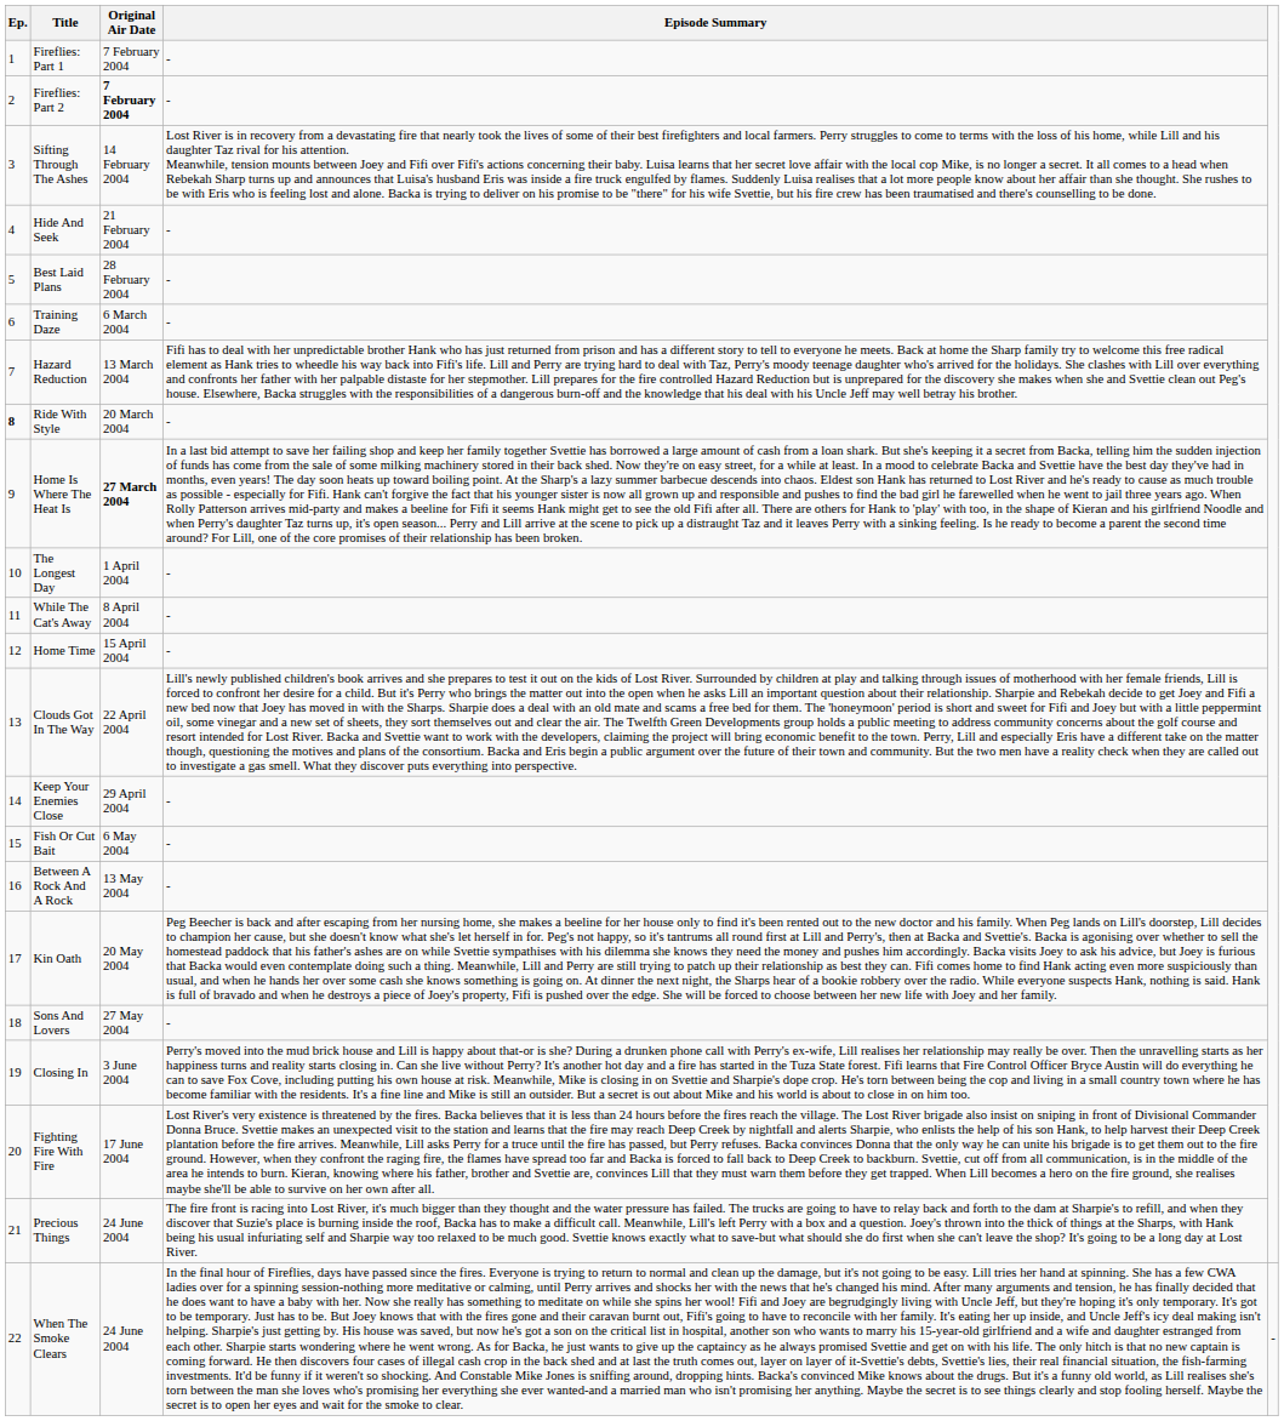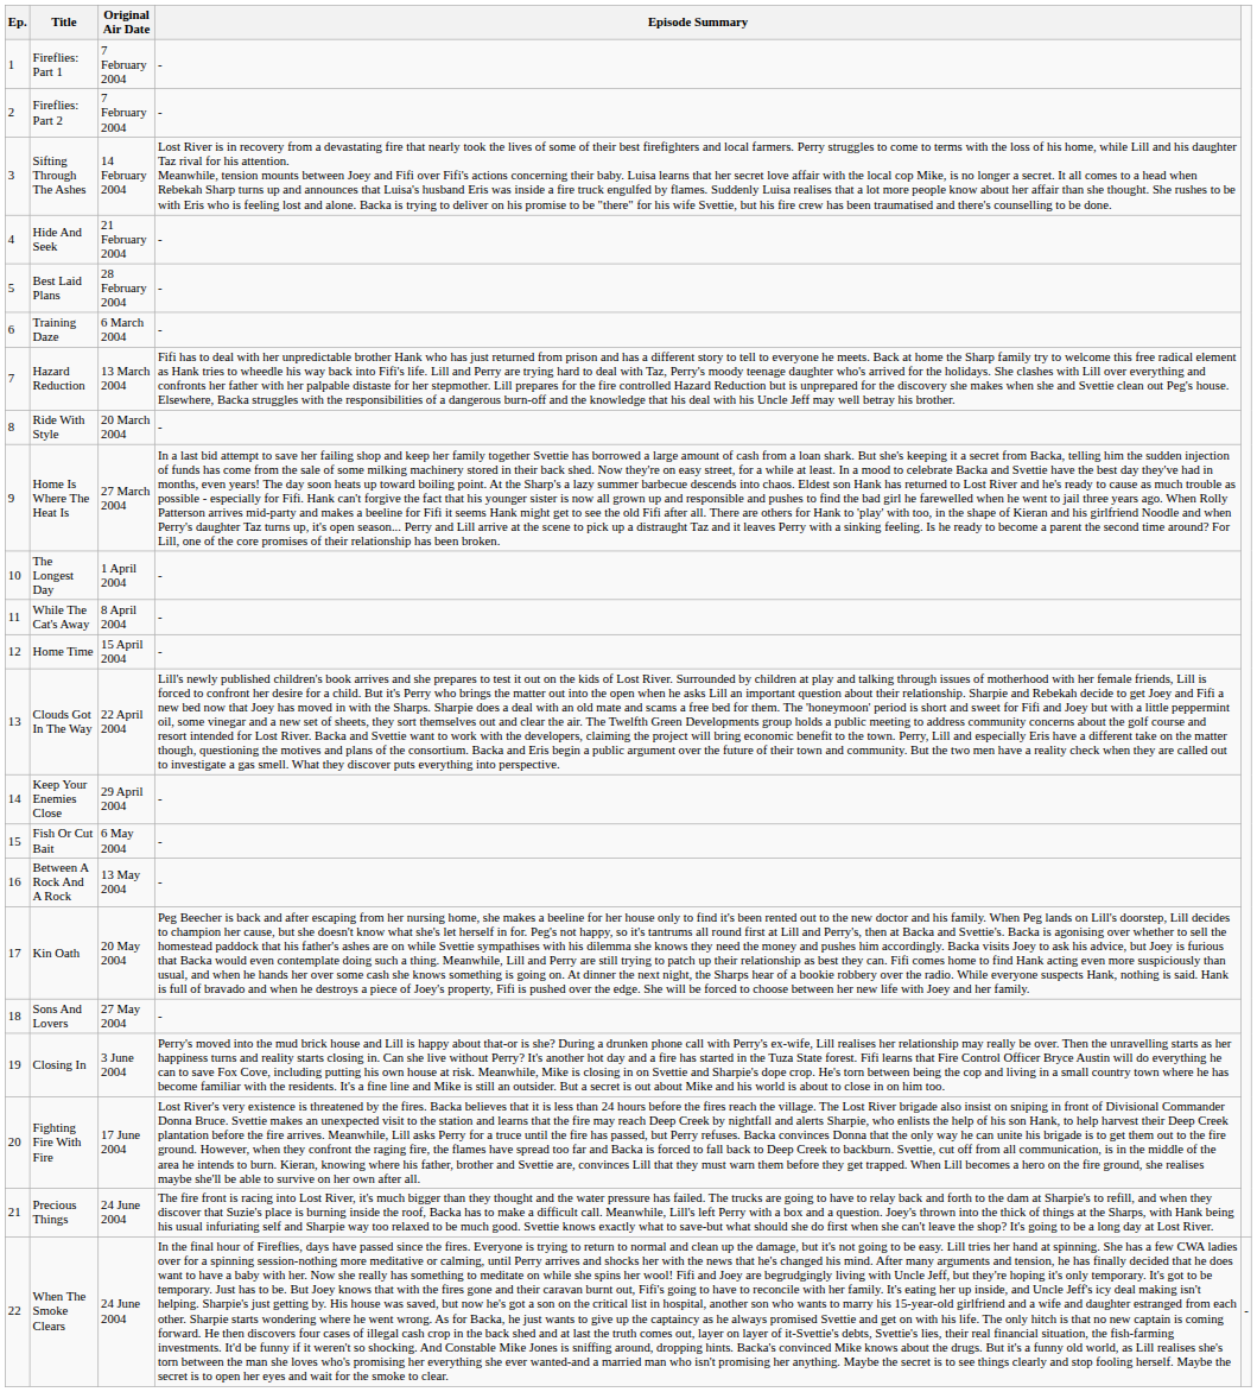 <table class="wikitable" border="1">
 <tr>
 <th>Ep.</th>
 <th>Title</th>
 <th>Original Air Date</th>
 <th>Episode Summary</th>
 </tr>
 <tr>
 <td>1</td>
 <td>Fireflies: Part 1</td>
 <td>7 February 2004</td>
 <td>-</td>
 </tr>
 <tr>
 <td>2</td>
 <td>Fireflies: Part 2</td>
-<td><strong>7 February 2004</strong></td>
+<td>7 February 2004</td>
 <td>-</td>
 </tr>
 <tr>
 <td>3</td>
 <td>Sifting Through The Ashes</td>
 <td>14 February 2004</td>
 <td>Lost River is in recovery from a devastating fire that nearly took the lives of some of their best firefighters and local farmers. Perry struggles to come to terms with the loss of his home, while Lill and his daughter Taz rival for his attention.<br>Meanwhile, tension mounts between Joey and Fifi over Fifi's actions concerning their baby. Luisa learns that her secret love affair with the local cop Mike, is no longer a secret. It all comes to a head when Rebekah Sharp turns up and announces that Luisa's husband Eris was inside a fire truck engulfed by flames. Suddenly Luisa realises that a lot more people know about her affair than she thought. She rushes to be with Eris who is feeling lost and alone. Backa is trying to deliver on his promise to be "there" for his wife Svettie, but his fire crew has been traumatised and there's counselling to be done.</td>
 </tr>
 <tr>
 <td>4</td>
 <td>Hide And Seek</td>
 <td>21 February 2004</td>
 <td>-</td>
 </tr>
 <tr>
 <td>5</td>
 <td>Best Laid Plans</td>
 <td>28 February 2004</td>
 <td>-</td>
 </tr>
 <tr>
 <td>6</td>
 <td>Training Daze</td>
 <td>6 March 2004</td>
 <td>-</td>
 </tr>
 <tr>
 <td>7</td>
 <td>Hazard Reduction</td>
 <td>13 March 2004</td>
 <td>Fifi has to deal with her unpredictable brother Hank who has just returned from prison and has a different story to tell to everyone he meets. Back at home the Sharp family try to welcome this free radical element as Hank tries to wheedle his way back into Fifi's life. Lill and Perry are trying hard to deal with Taz, Perry's moody teenage daughter who's arrived for the holidays. She clashes with Lill over everything and confronts her father with her palpable distaste for her stepmother. Lill prepares for the fire controlled Hazard Reduction but is unprepared for the discovery she makes when she and Svettie clean out Peg's house. Elsewhere, Backa struggles with the responsibilities of a dangerous burn-off and the knowledge that his deal with his Uncle Jeff may well betray his brother.</td>
 </tr>
 <tr>
-<td><strong>8</strong></td>
+<td>8</td>
 <td>Ride With Style</td>
 <td>20 March 2004</td>
 <td>-</td>
 </tr>
 <tr>
 <td>9</td>
 <td>Home Is Where The Heat Is</td>
-<td><strong>27 March 2004</strong></td>
+<td>27 March 2004</td>
 <td>In a last bid attempt to save her failing shop and keep her family together Svettie has borrowed a large amount of cash from a loan shark. But she's keeping it a secret from Backa, telling him the sudden injection of funds has come from the sale of some milking machinery stored in their back shed. Now they're on easy street, for a while at least. In a mood to celebrate Backa and Svettie have the best day they've had in months, even years! The day soon heats up toward boiling point. At the Sharp's a lazy summer barbecue descends into chaos. Eldest son Hank has returned to Lost River and he's ready to cause as much trouble as possible - especially for Fifi. Hank can't forgive the fact that his younger sister is now all grown up and responsible and pushes to find the bad girl he farewelled when he went to jail three years ago. When Rolly Patterson arrives mid-party and makes a beeline for Fifi it seems Hank might get to see the old Fifi after all. There are others for Hank to 'play' with too, in the shape of Kieran and his girlfriend Noodle and when Perry's daughter Taz turns up, it's open season... Perry and Lill arrive at the scene to pick up a distraught Taz and it leaves Perry with a sinking feeling. Is he ready to become a parent the second time around? For Lill, one of the core promises of their relationship has been broken.</td>
 </tr>
 <tr>
 <td>10</td>
 <td>The Longest Day</td>
 <td>1 April 2004</td>
 <td>-</td>
 </tr>
 <tr>
 <td>11</td>
 <td>While The Cat's Away</td>
 <td>8 April 2004</td>
 <td>-</td>
 </tr>
 <tr>
 <td>12</td>
 <td>Home Time</td>
 <td>15 April 2004</td>
 <td>-</td>
 </tr>
 <tr>
 <td>13</td>
 <td>Clouds Got In The Way</td>
 <td>22 April 2004</td>
 <td>Lill's newly published children's book arrives and she prepares to test it out on the kids of Lost River. Surrounded by children at play and talking through issues of motherhood with her female friends, Lill is forced to confront her desire for a child. But it's Perry who brings the matter out into the open when he asks Lill an important question about their relationship. Sharpie and Rebekah decide to get Joey and Fifi a new bed now that Joey has moved in with the Sharps. Sharpie does a deal with an old mate and scams a free bed for them. The 'honeymoon' period is short and sweet for Fifi and Joey but with a little peppermint oil, some vinegar and a new set of sheets, they sort themselves out and clear the air. The Twelfth Green Developments group holds a public meeting to address community concerns about the golf course and resort intended for Lost River. Backa and Svettie want to work with the developers, claiming the project will bring economic benefit to the town. Perry, Lill and especially Eris have a different take on the matter though, questioning the motives and plans of the consortium. Backa and Eris begin a public argument over the future of their town and community. But the two men have a reality check when they are called out to investigate a gas smell. What they discover puts everything into perspective.</td>
 </tr>
 <tr>
 <td>14</td>
 <td>Keep Your Enemies Close</td>
 <td>29 April 2004</td>
 <td>-</td>
 </tr>
 <tr>
 <td>15</td>
 <td>Fish Or Cut Bait</td>
 <td>6 May 2004</td>
 <td>-</td>
 </tr>
 <tr>
 <td>16</td>
 <td>Between A Rock And A Rock</td>
 <td>13 May 2004</td>
 <td>-</td>
 </tr>
 <tr>
 <td>17</td>
 <td>Kin Oath</td>
 <td>20 May 2004</td>
 <td>Peg Beecher is back and after escaping from her nursing home, she makes a beeline for her house only to find it's been rented out to the new doctor and his family. When Peg lands on Lill's doorstep, Lill decides to champion her cause, but she doesn't know what she's let herself in for. Peg's not happy, so it's tantrums all round first at Lill and Perry's, then at Backa and Svettie's. Backa is agonising over whether to sell the homestead paddock that his father's ashes are on while Svettie sympathises with his dilemma she knows they need the money and pushes him accordingly. Backa visits Joey to ask his advice, but Joey is furious that Backa would even contemplate doing such a thing. Meanwhile, Lill and Perry are still trying to patch up their relationship as best they can. Fifi comes home to find Hank acting even more suspiciously than usual, and when he hands her over some cash she knows something is going on. At dinner the next night, the Sharps hear of a bookie robbery over the radio. While everyone suspects Hank, nothing is said. Hank is full of bravado and when he destroys a piece of Joey's property, Fifi is pushed over the edge. She will be forced to choose between her new life with Joey and her family.</td>
 </tr>
 <tr>
 <td>18</td>
 <td>Sons And Lovers</td>
 <td>27 May 2004</td>
 <td>-</td>
 </tr>
 <tr>
 <td>19</td>
 <td>Closing In</td>
 <td>3 June 2004</td>
 <td>Perry's moved into the mud brick house and Lill is happy about that-or is she? During a drunken phone call with Perry's ex-wife, Lill realises her relationship may really be over. Then the unravelling starts as her happiness turns and reality starts closing in. Can she live without Perry? It's another hot day and a fire has started in the Tuza State forest. Fifi learns that Fire Control Officer Bryce Austin will do everything he can to save Fox Cove, including putting his own house at risk. Meanwhile, Mike is closing in on Svettie and Sharpie's dope crop. He's torn between being the cop and living in a small country town where he has become familiar with the residents. It's a fine line and Mike is still an outsider. But a secret is out about Mike and his world is about to close in on him too.</td>
 </tr>
 <tr>
 <td>20</td>
 <td>Fighting Fire With Fire</td>
 <td>17 June 2004</td>
 <td>Lost River's very existence is threatened by the fires. Backa believes that it is less than 24 hours before the fires reach the village. The Lost River brigade also insist on sniping in front of Divisional Commander Donna Bruce. Svettie makes an unexpected visit to the station and learns that the fire may reach Deep Creek by nightfall and alerts Sharpie, who enlists the help of his son Hank, to help harvest their Deep Creek plantation before the fire arrives. Meanwhile, Lill asks Perry for a truce until the fire has passed, but Perry refuses. Backa convinces Donna that the only way he can unite his brigade is to get them out to the fire ground. However, when they confront the raging fire, the flames have spread too far and Backa is forced to fall back to Deep Creek to backburn. Svettie, cut off from all communication, is in the middle of the area he intends to burn. Kieran, knowing where his father, brother and Svettie are, convinces Lill that they must warn them before they get trapped. When Lill becomes a hero on the fire ground, she realises maybe she'll be able to survive on her own after all.</td>
 </tr>
 <tr>
 <td>21</td>
 <td>Precious Things</td>
 <td>24 June 2004</td>
 <td>The fire front is racing into Lost River, it's much bigger than they thought and the water pressure has failed. The trucks are going to have to relay back and forth to the dam at Sharpie's to refill, and when they discover that Suzie's place is burning inside the roof, Backa has to make a difficult call. Meanwhile, Lill's left Perry with a box and a question. Joey's thrown into the thick of things at the Sharps, with Hank being his usual infuriating self and Sharpie way too relaxed to be much good. Svettie knows exactly what to save-but what should she do first when she can't leave the shop? It's going to be a long day at Lost River.</td>
 </tr>
 <tr>
 <td>22</td>
 <td>When The Smoke Clears</td>
 <td>24 June 2004</td>
 <td>In the final hour of Fireflies, days have passed since the fires. Everyone is trying to return to normal and clean up the damage, but it's not going to be easy. Lill tries her hand at spinning. She has a few CWA ladies over for a spinning session-nothing more meditative or calming, until Perry arrives and shocks her with the news that he's changed his mind. After many arguments and tension, he has finally decided that he does want to have a baby with her. Now she really has something to meditate on while she spins her wool! Fifi and Joey are begrudgingly living with Uncle Jeff, but they're hoping it's only temporary. It's got to be temporary. Just has to be. But Joey knows that with the fires gone and their caravan burnt out, Fifi's going to have to reconcile with her family. It's eating her up inside, and Uncle Jeff's icy deal making isn't helping. Sharpie's just getting by. His house was saved, but now he's got a son on the critical list in hospital, another son who wants to marry his 15-year-old girlfriend and a wife and daughter estranged from each other. Sharpie starts wondering where he went wrong. As for Backa, he just wants to give up the captaincy as he always promised Svettie and get on with his life. The only hitch is that no new captain is coming forward. He then discovers four cases of illegal cash crop in the back shed and at last the truth comes out, layer on layer of it-Svettie's debts, Svettie's lies, their real financial situation, the fish-farming investments. It'd be funny if it weren't so shocking. And Constable Mike Jones is sniffing around, dropping hints. Backa's convinced Mike knows about the drugs. But it's a funny old world, as Lill realises she's torn between the man she loves who's promising her everything she ever wanted-and a married man who isn't promising her anything. Maybe the secret is to see things clearly and stop fooling herself. Maybe the secret is to open her eyes and wait for the smoke to clear.</td>
 <td>-</td>
 </tr>
 </table>
